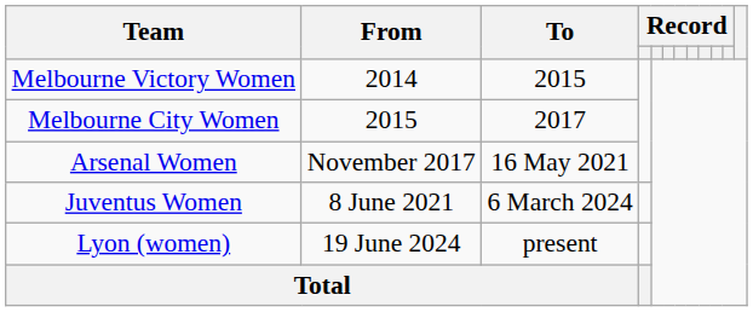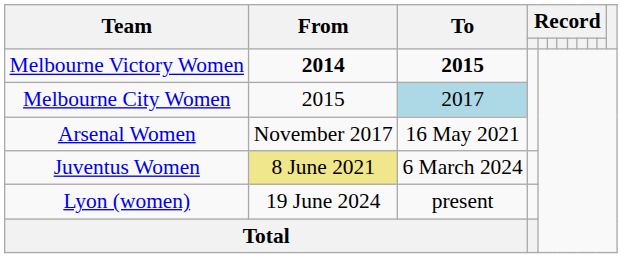 <table class="wikitable" style="text-align: center">
 <tr>
 <th rowspan="2">Team</th>
 <th rowspan="2">From</th>
 <th rowspan="2">To</th>
 <th colspan="8">Record</th>
 <th rowspan="2"></th>
 </tr>
 <tr>
 <th></th>
 <th></th>
 <th></th>
 <th></th>
 <th></th>
 <th></th>
 <th></th>
 <th></th>
 </tr>
 <tr>
 <td><a href='#'>Melbourne Victory Women</a></td>
-<td>2014</td>
-<td>2015<br></td>
+<td><strong>2014</strong></td>
+<td><strong>2015<br></strong></td>
 <td rowspan="3"></td>
 </tr>
 <tr>
 <td><a href='#'>Melbourne City Women</a></td>
 <td>2015</td>
-<td>2017<br></td>
+<td style="background: lightblue;">2017<br></td>
 </tr>
 <tr>
 <td><a href='#'>Arsenal Women</a></td>
 <td>November 2017</td>
 <td>16 May 2021<br></td>
 </tr>
 <tr>
 <td><a href='#'>Juventus Women</a></td>
-<td>8 June 2021</td>
+<td style="background: khaki;">8 June 2021</td>
 <td>6 March 2024<br></td>
 <td></td>
 </tr>
 <tr>
 <td><a href='#'>Lyon (women)</a></td>
 <td>19 June 2024</td>
 <td>present<br></td>
 <td></td>
 </tr>
 <tr>
 <th colspan="3">Total<br></th>
 <th></th>
 </tr>
 </table>
